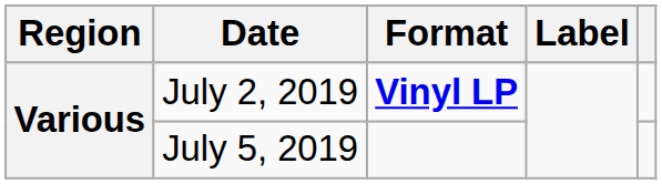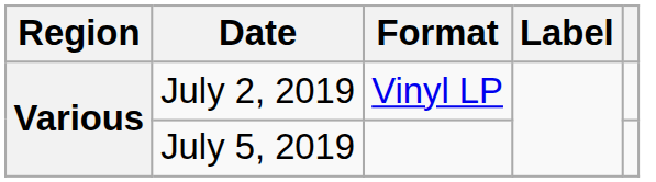 <table class="wikitable plainrowheaders">
 <tr>
 <th scope="col">Region</th>
 <th scope="col">Date</th>
 <th scope="col">Format</th>
 <th scope="col">Label</th>
 <th scope="col"></th>
 </tr>
 <tr>
 <th scope="row" rowspan="3">Various</th>
 <td>July 2, 2019</td>
-<td><strong><a href='#'>Vinyl LP</a></strong></td>
+<td><a href='#'>Vinyl LP</a></td>
 <td rowspan="3"></td>
 <td align="center"></td>
 </tr>
 <tr>
 <td>July 5, 2019</td>
 <td></td>
 <td align="center"></td>
 </tr>
 </table>
